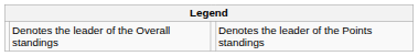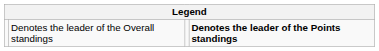 <table class="wikitable">
 <tr>
 <th colspan="4">Legend</th>
 </tr>
 <tr>
 <td></td>
 <td>Denotes the leader of the Overall standings</td>
 <td></td>
-<td>Denotes the leader of the Points standings</td>
+<td><strong>Denotes the leader of the Points standings</strong></td>
 </tr>
 </table>
